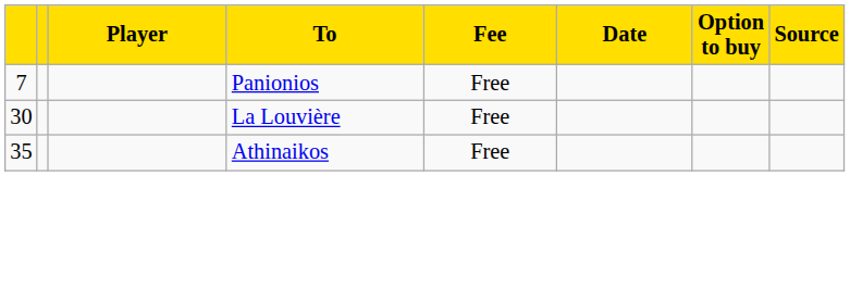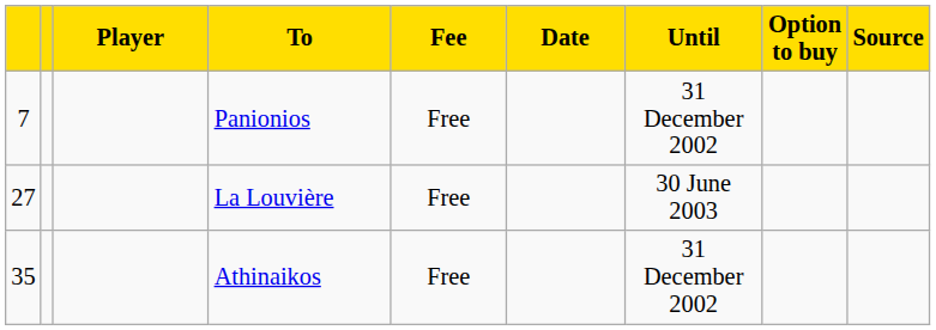 <table class="wikitable sortable">
 <tr>
 <th style="background:#FFDE00"></th>
 <th style="background:#FFDE00"></th>
 <th width=200 style="background:#FFDE00">Player</th>
 <th width=200 style="background:#FFDE00">To</th>
 <th width=150 style="background:#FFDE00">Fee</th>
 <th width=150 style="background:#FFDE00">Date</th>
+<th width=120 style="background:#FFDE00">Until</th>
 <th style="background:#FFDE00">Option to buy</th>
 <th style="background:#FFDE00">Source</th>
 </tr>
 <tr>
 <td align=center>7</td>
 <td align=center></td>
 <td></td>
 <td> <a href='#'>Panionios</a></td>
 <td align=center>Free</td>
 <td align=center></td>
+<td align=center>31 December 2002</td>
 <td align=center></td>
 <td align=center></td>
 </tr>
 <tr>
-<td align=center>30</td>
+<td align=center>27</td>
 <td align=center></td>
 <td></td>
 <td> <a href='#'>La Louvière</a></td>
 <td align=center>Free</td>
 <td align=center></td>
+<td align=center>30 June 2003</td>
 <td align=center></td>
 <td align=center></td>
 </tr>
 <tr>
 <td align=center>35</td>
 <td align=center></td>
 <td></td>
 <td> <a href='#'>Athinaikos</a></td>
 <td align=center>Free</td>
 <td align=center></td>
+<td align=center>31 December 2002</td>
 <td align=center></td>
 <td align=center></td>
 </tr>
 </table>
